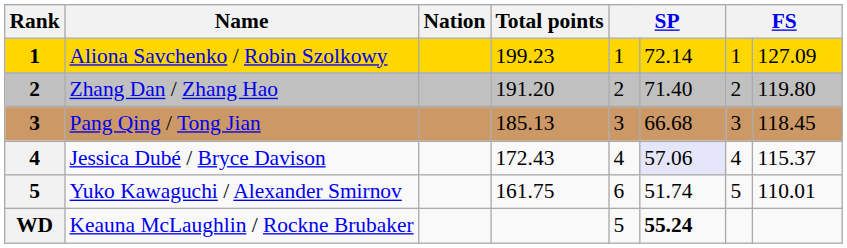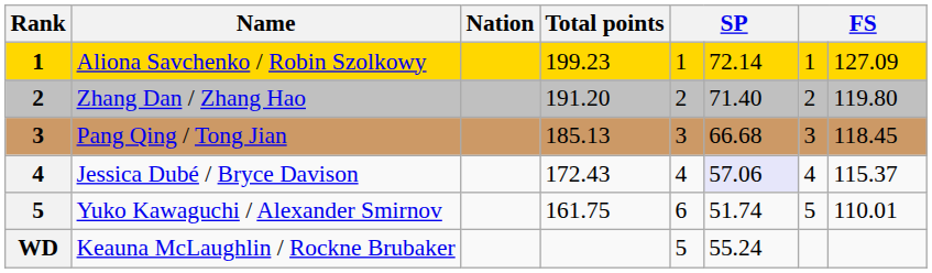 <table class="wikitable">
 <tr>
 <th>Rank</th>
 <th>Name</th>
 <th>Nation</th>
 <th>Total points</th>
 <th colspan="2" width="80px"><a href='#'>SP</a></th>
 <th colspan="2" width="80px"><a href='#'>FS</a></th>
 </tr>
 <tr bgcolor="gold">
 <td align="center"><strong>1</strong></td>
 <td><a href='#'>Aliona Savchenko</a> / <a href='#'>Robin Szolkowy</a></td>
 <td></td>
 <td>199.23</td>
 <td>1</td>
 <td>72.14</td>
 <td>1</td>
 <td>127.09</td>
 </tr>
 <tr bgcolor="silver">
 <td align="center"><strong>2</strong></td>
 <td><a href='#'>Zhang Dan</a> / <a href='#'>Zhang Hao</a></td>
 <td></td>
 <td>191.20</td>
 <td>2</td>
 <td>71.40</td>
 <td>2</td>
 <td>119.80</td>
 </tr>
 <tr bgcolor="cc9966">
 <td align="center"><strong>3</strong></td>
 <td><a href='#'>Pang Qing</a> / <a href='#'>Tong Jian</a></td>
 <td></td>
 <td>185.13</td>
 <td>3</td>
 <td>66.68</td>
 <td>3</td>
 <td>118.45</td>
 </tr>
 <tr>
 <th>4</th>
 <td><a href='#'>Jessica Dubé</a> / <a href='#'>Bryce Davison</a></td>
 <td></td>
 <td>172.43</td>
 <td>4</td>
 <td style="background: lavender;">57.06</td>
 <td>4</td>
 <td>115.37</td>
 </tr>
 <tr>
 <th>5</th>
 <td><a href='#'>Yuko Kawaguchi</a> / <a href='#'>Alexander Smirnov</a></td>
 <td></td>
 <td>161.75</td>
 <td>6</td>
 <td>51.74</td>
 <td>5</td>
 <td>110.01</td>
 </tr>
 <tr>
 <th>WD</th>
 <td><a href='#'>Keauna McLaughlin</a> / <a href='#'>Rockne Brubaker</a></td>
 <td></td>
 <td></td>
 <td>5</td>
-<td><strong>55.24</strong></td>
+<td>55.24</td>
 <td></td>
 <td></td>
 </tr>
 </table>
